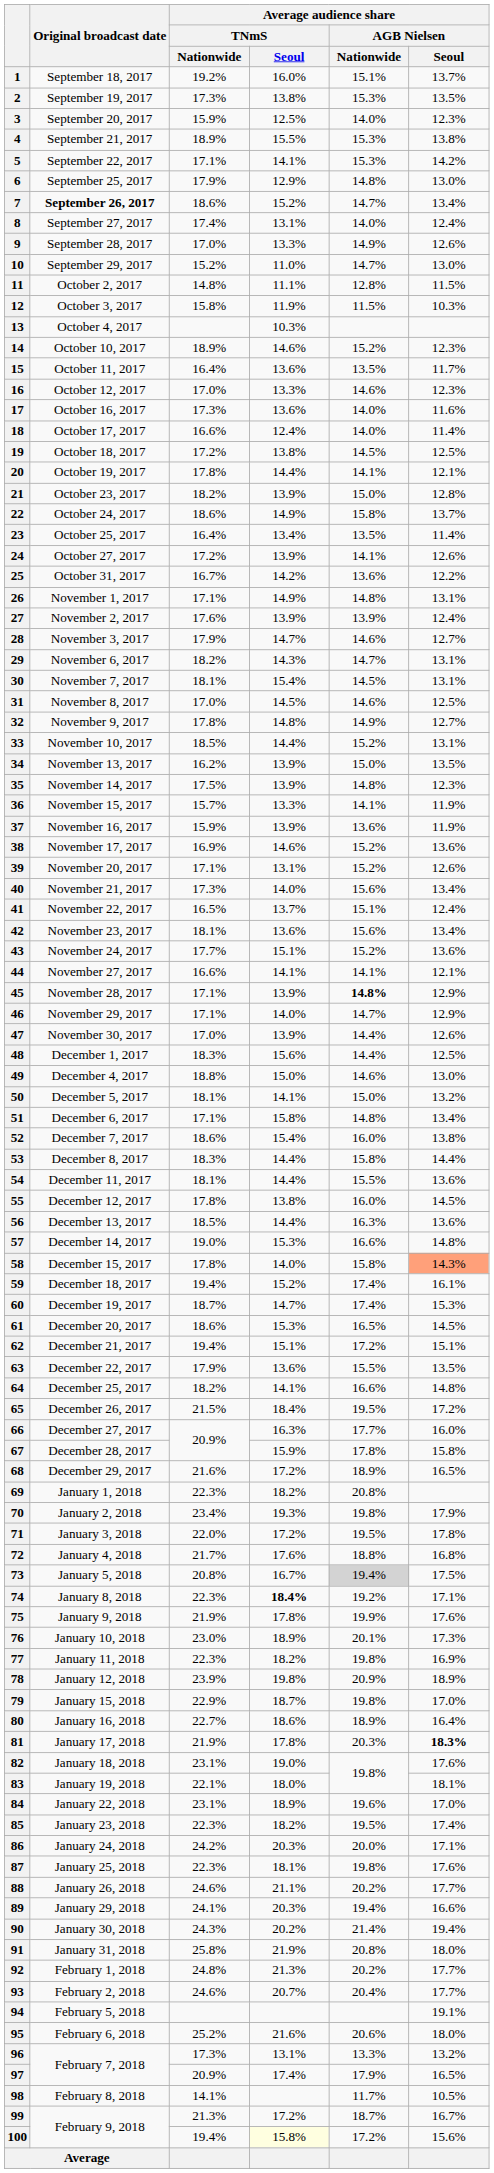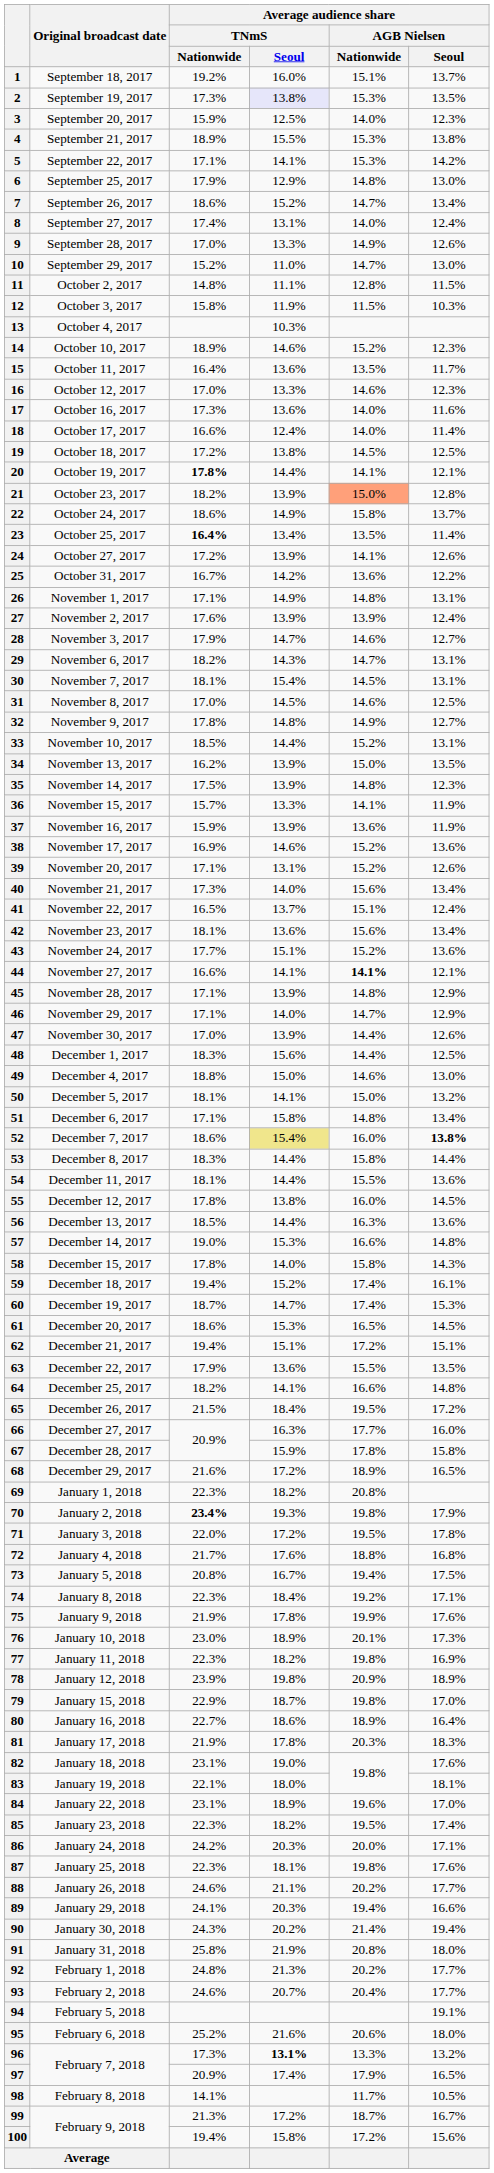 <table class="wikitable" style="text-align:center">
 <tr>
 <th rowspan="3"></th>
 <th rowspan="3">Original broadcast date</th>
 <th colspan="4">Average audience share</th>
 </tr>
 <tr>
 <th colspan="2">TNmS</th>
 <th colspan="2">AGB Nielsen</th>
 </tr>
 <tr>
 <th width=90>Nationwide</th>
 <th width=90><a href='#'>Seoul</a></th>
 <th width=90>Nationwide</th>
 <th width=90>Seoul</th>
 </tr>
 <tr>
 <th>1</th>
 <td>September 18, 2017</td>
 <td>19.2% </td>
 <td>16.0% </td>
 <td>15.1% </td>
 <td>13.7% </td>
 </tr>
 <tr>
 <th>2</th>
 <td>September 19, 2017</td>
 <td>17.3% </td>
-<td>13.8% </td>
+<td style="background: lavender;">13.8% </td>
 <td>15.3% </td>
 <td>13.5% </td>
 </tr>
 <tr>
 <th>3</th>
 <td>September 20, 2017</td>
 <td>15.9% </td>
 <td>12.5% </td>
 <td>14.0% </td>
 <td>12.3% </td>
 </tr>
 <tr>
 <th>4</th>
 <td>September 21, 2017</td>
 <td>18.9% </td>
 <td>15.5% </td>
 <td>15.3% </td>
 <td>13.8% </td>
 </tr>
 <tr>
 <th>5</th>
 <td>September 22, 2017</td>
 <td>17.1% </td>
 <td>14.1% </td>
 <td>15.3% </td>
 <td>14.2% </td>
 </tr>
 <tr>
 <th>6</th>
 <td>September 25, 2017</td>
 <td>17.9% </td>
 <td>12.9% </td>
 <td>14.8% </td>
 <td>13.0% </td>
 </tr>
 <tr>
 <th>7</th>
-<td><strong>September 26, 2017</strong></td>
+<td>September 26, 2017</td>
 <td>18.6% </td>
 <td>15.2% </td>
 <td>14.7% </td>
 <td>13.4% </td>
 </tr>
 <tr>
 <th>8</th>
 <td>September 27, 2017</td>
 <td>17.4% </td>
 <td>13.1% </td>
 <td>14.0% </td>
 <td>12.4% </td>
 </tr>
 <tr>
 <th>9</th>
 <td>September 28, 2017</td>
 <td>17.0% </td>
 <td>13.3% </td>
 <td>14.9% </td>
 <td>12.6% </td>
 </tr>
 <tr>
 <th>10</th>
 <td>September 29, 2017</td>
 <td>15.2% </td>
 <td>11.0% </td>
 <td>14.7% </td>
 <td>13.0% </td>
 </tr>
 <tr>
 <th>11</th>
 <td>October 2, 2017</td>
 <td>14.8% </td>
 <td>11.1% </td>
 <td>12.8% </td>
 <td>11.5% </td>
 </tr>
 <tr>
 <th>12</th>
 <td>October 3, 2017</td>
 <td>15.8% </td>
 <td>11.9% </td>
 <td>11.5% </td>
 <td>10.3% </td>
 </tr>
 <tr>
 <th>13</th>
 <td>October 4, 2017</td>
 <td> </td>
 <td>10.3% </td>
 <td> </td>
 <td> </td>
 </tr>
 <tr>
 <th>14</th>
 <td>October 10, 2017</td>
 <td>18.9% </td>
 <td>14.6% </td>
 <td>15.2% </td>
 <td>12.3% </td>
 </tr>
 <tr>
 <th>15</th>
 <td>October 11, 2017</td>
 <td>16.4% </td>
 <td>13.6% </td>
 <td>13.5% </td>
 <td>11.7% </td>
 </tr>
 <tr>
 <th>16</th>
 <td>October 12, 2017</td>
 <td>17.0% </td>
 <td>13.3% </td>
 <td>14.6% </td>
 <td>12.3% </td>
 </tr>
 <tr>
 <th>17</th>
 <td>October 16, 2017</td>
 <td>17.3% </td>
 <td>13.6% </td>
 <td>14.0% </td>
 <td>11.6% </td>
 </tr>
 <tr>
 <th>18</th>
 <td>October 17, 2017</td>
 <td>16.6% </td>
 <td>12.4% </td>
 <td>14.0% </td>
 <td>11.4% </td>
 </tr>
 <tr>
 <th>19</th>
 <td>October 18, 2017</td>
 <td>17.2% </td>
 <td>13.8% </td>
 <td>14.5% </td>
 <td>12.5% </td>
 </tr>
 <tr>
 <th>20</th>
 <td>October 19, 2017</td>
-<td>17.8% </td>
+<td><strong>17.8% </strong></td>
 <td>14.4% </td>
 <td>14.1% </td>
 <td>12.1% </td>
 </tr>
 <tr>
 <th>21</th>
 <td>October 23, 2017</td>
 <td>18.2% </td>
 <td>13.9% </td>
-<td>15.0% </td>
+<td style="background: lightsalmon;">15.0% </td>
 <td>12.8% </td>
 </tr>
 <tr>
 <th>22</th>
 <td>October 24, 2017</td>
 <td>18.6% </td>
 <td>14.9% </td>
 <td>15.8% </td>
 <td>13.7% </td>
 </tr>
 <tr>
 <th>23</th>
 <td>October 25, 2017</td>
-<td>16.4% </td>
+<td><strong>16.4% </strong></td>
 <td>13.4% </td>
 <td>13.5% </td>
 <td>11.4% </td>
 </tr>
 <tr>
 <th>24</th>
 <td>October 27, 2017</td>
 <td>17.2% </td>
 <td>13.9% </td>
 <td>14.1% </td>
 <td>12.6% </td>
 </tr>
 <tr>
 <th>25</th>
 <td>October 31, 2017</td>
 <td>16.7% </td>
 <td>14.2% </td>
 <td>13.6% </td>
 <td>12.2% </td>
 </tr>
 <tr>
 <th>26</th>
 <td>November 1, 2017</td>
 <td>17.1% </td>
 <td>14.9% </td>
 <td>14.8% </td>
 <td>13.1% </td>
 </tr>
 <tr>
 <th>27</th>
 <td>November 2, 2017</td>
 <td>17.6% </td>
 <td>13.9% </td>
 <td>13.9% </td>
 <td>12.4% </td>
 </tr>
 <tr>
 <th>28</th>
 <td>November 3, 2017</td>
 <td>17.9% </td>
 <td>14.7% </td>
 <td>14.6% </td>
 <td>12.7% </td>
 </tr>
 <tr>
 <th>29</th>
 <td>November 6, 2017</td>
 <td>18.2% </td>
 <td>14.3% </td>
 <td>14.7% </td>
 <td>13.1% </td>
 </tr>
 <tr>
 <th>30</th>
 <td>November 7, 2017</td>
 <td>18.1% </td>
 <td>15.4% </td>
 <td>14.5% </td>
 <td>13.1% </td>
 </tr>
 <tr>
 <th>31</th>
 <td>November 8, 2017</td>
 <td>17.0% </td>
 <td>14.5% </td>
 <td>14.6% </td>
 <td>12.5% </td>
 </tr>
 <tr>
 <th>32</th>
 <td>November 9, 2017</td>
 <td>17.8% </td>
 <td>14.8% </td>
 <td>14.9% </td>
 <td>12.7% </td>
 </tr>
 <tr>
 <th>33</th>
 <td>November 10, 2017</td>
 <td>18.5% </td>
 <td>14.4% </td>
 <td>15.2% </td>
 <td>13.1% </td>
 </tr>
 <tr>
 <th>34</th>
 <td>November 13, 2017</td>
 <td>16.2% </td>
 <td>13.9% </td>
 <td>15.0% </td>
 <td>13.5% </td>
 </tr>
 <tr>
 <th>35</th>
 <td>November 14, 2017</td>
 <td>17.5% </td>
 <td>13.9% </td>
 <td>14.8% </td>
 <td>12.3% </td>
 </tr>
 <tr>
 <th>36</th>
 <td>November 15, 2017</td>
 <td>15.7% </td>
 <td>13.3% </td>
 <td>14.1% </td>
 <td>11.9% </td>
 </tr>
 <tr>
 <th>37</th>
 <td>November 16, 2017</td>
 <td>15.9% </td>
 <td>13.9% </td>
 <td>13.6% </td>
 <td>11.9% </td>
 </tr>
 <tr>
 <th>38</th>
 <td>November 17, 2017</td>
 <td>16.9% </td>
 <td>14.6% </td>
 <td>15.2% </td>
 <td>13.6% </td>
 </tr>
 <tr>
 <th>39</th>
 <td>November 20, 2017</td>
 <td>17.1% </td>
 <td>13.1% </td>
 <td>15.2% </td>
 <td>12.6% </td>
 </tr>
 <tr>
 <th>40</th>
 <td>November 21, 2017</td>
 <td>17.3% </td>
 <td>14.0% </td>
 <td>15.6% </td>
 <td>13.4% </td>
 </tr>
 <tr>
 <th>41</th>
 <td>November 22, 2017</td>
 <td>16.5% </td>
 <td>13.7% </td>
 <td>15.1% </td>
 <td>12.4% </td>
 </tr>
 <tr>
 <th>42</th>
 <td>November 23, 2017</td>
 <td>18.1% </td>
 <td>13.6% </td>
 <td>15.6% </td>
 <td>13.4% </td>
 </tr>
 <tr>
 <th>43</th>
 <td>November 24, 2017</td>
 <td>17.7% </td>
 <td>15.1% </td>
 <td>15.2% </td>
 <td>13.6% </td>
 </tr>
 <tr>
 <th>44</th>
 <td>November 27, 2017</td>
 <td>16.6% </td>
 <td>14.1% </td>
-<td>14.1% </td>
+<td><strong>14.1% </strong></td>
 <td>12.1% </td>
 </tr>
 <tr>
 <th>45</th>
 <td>November 28, 2017</td>
 <td>17.1% </td>
 <td>13.9% </td>
-<td><strong>14.8% </strong></td>
+<td>14.8% </td>
 <td>12.9% </td>
 </tr>
 <tr>
 <th>46</th>
 <td>November 29, 2017</td>
 <td>17.1% </td>
 <td>14.0% </td>
 <td>14.7% </td>
 <td>12.9% </td>
 </tr>
 <tr>
 <th>47</th>
 <td>November 30, 2017</td>
 <td>17.0% </td>
 <td>13.9% </td>
 <td>14.4% </td>
 <td>12.6% </td>
 </tr>
 <tr>
 <th>48</th>
 <td>December 1, 2017</td>
 <td>18.3% </td>
 <td>15.6% </td>
 <td>14.4% </td>
 <td>12.5% </td>
 </tr>
 <tr>
 <th>49</th>
 <td>December 4, 2017</td>
 <td>18.8% </td>
 <td>15.0% </td>
 <td>14.6% </td>
 <td>13.0% </td>
 </tr>
 <tr>
 <th>50</th>
 <td>December 5, 2017</td>
 <td>18.1% </td>
 <td>14.1% </td>
 <td>15.0% </td>
 <td>13.2% </td>
 </tr>
 <tr>
 <th>51</th>
 <td>December 6, 2017</td>
 <td>17.1% </td>
 <td>15.8% </td>
 <td>14.8% </td>
 <td>13.4% </td>
 </tr>
 <tr>
 <th>52</th>
 <td>December 7, 2017</td>
 <td>18.6% </td>
-<td>15.4% </td>
+<td style="background: khaki;">15.4% </td>
 <td>16.0% </td>
-<td>13.8% </td>
+<td><strong>13.8% </strong></td>
 </tr>
 <tr>
 <th>53</th>
 <td>December 8, 2017</td>
 <td>18.3% </td>
 <td>14.4% </td>
 <td>15.8% </td>
 <td>14.4% </td>
 </tr>
 <tr>
 <th>54</th>
 <td>December 11, 2017</td>
 <td>18.1% </td>
 <td>14.4% </td>
 <td>15.5% </td>
 <td>13.6% </td>
 </tr>
 <tr>
 <th>55</th>
 <td>December 12, 2017</td>
 <td>17.8% </td>
 <td>13.8% </td>
 <td>16.0% </td>
 <td>14.5% </td>
 </tr>
 <tr>
 <th>56</th>
 <td>December 13, 2017</td>
 <td>18.5% </td>
 <td>14.4% </td>
 <td>16.3% </td>
 <td>13.6% </td>
 </tr>
 <tr>
 <th>57</th>
 <td>December 14, 2017</td>
 <td>19.0% </td>
 <td>15.3% </td>
 <td>16.6% </td>
 <td>14.8% </td>
 </tr>
 <tr>
 <th>58</th>
 <td>December 15, 2017</td>
 <td>17.8% </td>
 <td>14.0% </td>
 <td>15.8% </td>
-<td style="background: lightsalmon;">14.3% </td>
+<td>14.3% </td>
 </tr>
 <tr>
 <th>59</th>
 <td>December 18, 2017</td>
 <td>19.4% </td>
 <td>15.2% </td>
 <td>17.4% </td>
 <td>16.1% </td>
 </tr>
 <tr>
 <th>60</th>
 <td>December 19, 2017</td>
 <td>18.7% </td>
 <td>14.7% </td>
 <td>17.4% </td>
 <td>15.3% </td>
 </tr>
 <tr>
 <th>61</th>
 <td>December 20, 2017</td>
 <td>18.6% </td>
 <td>15.3% </td>
 <td>16.5% </td>
 <td>14.5% </td>
 </tr>
 <tr>
 <th>62</th>
 <td>December 21, 2017</td>
 <td>19.4% </td>
 <td>15.1% </td>
 <td>17.2% </td>
 <td>15.1% </td>
 </tr>
 <tr>
 <th>63</th>
 <td>December 22, 2017</td>
 <td>17.9% </td>
 <td>13.6% </td>
 <td>15.5% </td>
 <td>13.5% </td>
 </tr>
 <tr>
 <th>64</th>
 <td>December 25, 2017</td>
 <td>18.2% </td>
 <td>14.1% </td>
 <td>16.6% </td>
 <td>14.8% </td>
 </tr>
 <tr>
 <th>65</th>
 <td>December 26, 2017</td>
 <td>21.5% </td>
 <td>18.4% </td>
 <td>19.5% </td>
 <td>17.2% </td>
 </tr>
 <tr>
 <th>66</th>
 <td>December 27, 2017</td>
 <td rowspan="2">20.9% </td>
 <td>16.3% </td>
 <td>17.7% </td>
 <td>16.0% </td>
 </tr>
 <tr>
 <th>67</th>
 <td>December 28, 2017</td>
 <td>15.9% </td>
 <td>17.8% </td>
 <td>15.8% </td>
 </tr>
 <tr>
 <th>68</th>
 <td>December 29, 2017</td>
 <td>21.6% </td>
 <td>17.2% </td>
 <td>18.9% </td>
 <td>16.5% </td>
 </tr>
 <tr>
 <th>69</th>
 <td>January 1, 2018</td>
 <td>22.3% </td>
 <td>18.2% </td>
 <td>20.8% </td>
 <td> </td>
 </tr>
 <tr>
 <th>70</th>
 <td>January 2, 2018</td>
-<td>23.4% </td>
+<td><strong>23.4% </strong></td>
 <td>19.3% </td>
 <td>19.8% </td>
 <td>17.9% </td>
 </tr>
 <tr>
 <th>71</th>
 <td>January 3, 2018</td>
 <td>22.0% </td>
 <td>17.2% </td>
 <td>19.5% </td>
 <td>17.8% </td>
 </tr>
 <tr>
 <th>72</th>
 <td>January 4, 2018</td>
 <td>21.7% </td>
 <td>17.6% </td>
 <td>18.8% </td>
 <td>16.8% </td>
 </tr>
 <tr>
 <th>73</th>
 <td>January 5, 2018</td>
 <td>20.8% </td>
 <td>16.7% </td>
-<td style="background: lightgrey;">19.4% </td>
+<td>19.4% </td>
 <td>17.5% </td>
 </tr>
 <tr>
 <th>74</th>
 <td>January 8, 2018</td>
 <td>22.3% </td>
-<td><strong>18.4% </strong></td>
+<td>18.4% </td>
 <td>19.2% </td>
 <td>17.1% </td>
 </tr>
 <tr>
 <th>75</th>
 <td>January 9, 2018</td>
 <td>21.9% </td>
 <td>17.8% </td>
 <td>19.9% </td>
 <td>17.6% </td>
 </tr>
 <tr>
 <th>76</th>
 <td>January 10, 2018</td>
 <td>23.0% </td>
 <td>18.9% </td>
 <td>20.1% </td>
 <td>17.3% </td>
 </tr>
 <tr>
 <th>77</th>
 <td>January 11, 2018</td>
 <td>22.3% </td>
 <td>18.2%</td>
 <td>19.8% </td>
 <td>16.9% </td>
 </tr>
 <tr>
 <th>78</th>
 <td>January 12, 2018</td>
 <td>23.9% </td>
 <td>19.8% </td>
 <td>20.9% </td>
 <td>18.9% </td>
 </tr>
 <tr>
 <th>79</th>
 <td>January 15, 2018</td>
 <td>22.9% </td>
 <td>18.7% </td>
 <td>19.8% </td>
 <td>17.0% </td>
 </tr>
 <tr>
 <th>80</th>
 <td>January 16, 2018</td>
 <td>22.7% </td>
 <td>18.6% </td>
 <td>18.9% </td>
 <td>16.4% </td>
 </tr>
 <tr>
 <th>81</th>
 <td>January 17, 2018</td>
 <td>21.9% </td>
 <td>17.8% </td>
 <td>20.3% </td>
-<td><strong>18.3% </strong></td>
+<td>18.3% </td>
 </tr>
 <tr>
 <th>82</th>
 <td>January 18, 2018</td>
 <td>23.1% </td>
 <td>19.0% </td>
 <td rowspan="2">19.8% </td>
 <td>17.6% </td>
 </tr>
 <tr>
 <th>83</th>
 <td>January 19, 2018</td>
 <td>22.1% </td>
 <td>18.0% </td>
 <td>18.1% </td>
 </tr>
 <tr>
 <th>84</th>
 <td>January 22, 2018</td>
 <td>23.1% </td>
 <td>18.9% </td>
 <td>19.6% </td>
 <td>17.0% </td>
 </tr>
 <tr>
 <th>85</th>
 <td>January 23, 2018</td>
 <td>22.3% </td>
 <td>18.2% </td>
 <td>19.5% </td>
 <td>17.4% </td>
 </tr>
 <tr>
 <th>86</th>
 <td>January 24, 2018</td>
 <td>24.2% </td>
 <td>20.3% </td>
 <td>20.0% </td>
 <td>17.1% </td>
 </tr>
 <tr>
 <th>87</th>
 <td>January 25, 2018</td>
 <td>22.3% </td>
 <td>18.1% </td>
 <td>19.8% </td>
 <td>17.6% </td>
 </tr>
 <tr>
 <th>88</th>
 <td>January 26, 2018</td>
 <td>24.6% </td>
 <td>21.1% </td>
 <td>20.2% </td>
 <td>17.7% </td>
 </tr>
 <tr>
 <th>89</th>
 <td>January 29, 2018</td>
 <td>24.1% </td>
 <td>20.3% </td>
 <td>19.4% </td>
 <td>16.6% </td>
 </tr>
 <tr>
 <th>90</th>
 <td>January 30, 2018</td>
 <td>24.3% </td>
 <td>20.2% </td>
 <td>21.4% </td>
 <td>19.4% </td>
 </tr>
 <tr>
 <th>91</th>
 <td>January 31, 2018</td>
 <td>25.8% </td>
 <td>21.9% </td>
 <td>20.8% </td>
 <td>18.0% </td>
 </tr>
 <tr>
 <th>92</th>
 <td>February 1, 2018</td>
 <td>24.8% </td>
 <td>21.3% </td>
 <td>20.2% </td>
 <td>17.7% </td>
 </tr>
 <tr>
 <th>93</th>
 <td>February 2, 2018</td>
 <td>24.6% </td>
 <td>20.7% </td>
 <td>20.4% </td>
 <td>17.7% </td>
 </tr>
 <tr>
 <th>94</th>
 <td>February 5, 2018</td>
 <td> </td>
 <td> </td>
 <td> </td>
 <td>19.1% </td>
 </tr>
 <tr>
 <th>95</th>
 <td>February 6, 2018</td>
 <td>25.2% </td>
 <td>21.6% </td>
 <td>20.6% </td>
 <td>18.0% </td>
 </tr>
 <tr>
 <th>96</th>
 <td rowspan=2>February 7, 2018</td>
 <td>17.3% </td>
-<td>13.1% </td>
+<td><strong>13.1% </strong></td>
 <td>13.3% </td>
 <td>13.2% </td>
 </tr>
 <tr>
 <th>97</th>
 <td>20.9% </td>
 <td>17.4% </td>
 <td>17.9% </td>
 <td>16.5% </td>
 </tr>
 <tr>
 <th>98</th>
 <td>February 8, 2018</td>
 <td>14.1% </td>
 <td> </td>
 <td>11.7% </td>
 <td>10.5% </td>
 </tr>
 <tr>
 <th>99</th>
 <td rowspan=2>February 9, 2018</td>
 <td>21.3% </td>
 <td>17.2% </td>
 <td>18.7% </td>
 <td>16.7% </td>
 </tr>
 <tr>
 <th>100</th>
 <td>19.4% </td>
-<td style="background: lightyellow;">15.8% </td>
+<td>15.8% </td>
 <td>17.2% </td>
 <td>15.6% </td>
 </tr>
 <tr>
 <th colspan="2">Average</th>
 <th></th>
 <th></th>
 <th></th>
 <th></th>
 </tr>
 </table>
